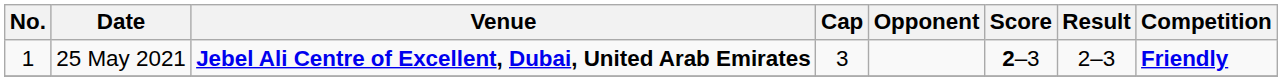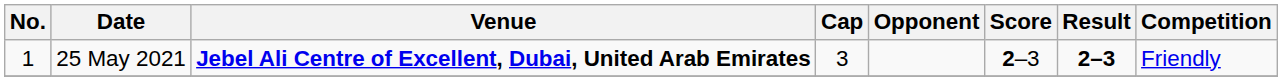 <table class="wikitable sortable">
 <tr>
 <th scope=col>No.</th>
 <th scope=col>Date</th>
 <th scope=col>Venue</th>
 <th scope=col>Cap</th>
 <th scope=col>Opponent</th>
 <th scope=col>Score</th>
 <th scope=col>Result</th>
 <th scope=col>Competition</th>
 </tr>
 <tr>
 <td align=center>1</td>
 <td>25 May 2021</td>
 <td><strong><a href='#'>Jebel Ali Centre of Excellent</a>, <a href='#'>Dubai</a>, United Arab Emirates</strong></td>
 <td align=center>3</td>
 <td></td>
 <td align=center><strong>2</strong>–3</td>
-<td align=center>2–3</td>
-<td><strong><a href='#'>Friendly</a></strong></td>
+<td align=center><strong>2–3</strong></td>
+<td><a href='#'>Friendly</a></td>
 </tr>
 <tr>
 </tr>
 </table>
